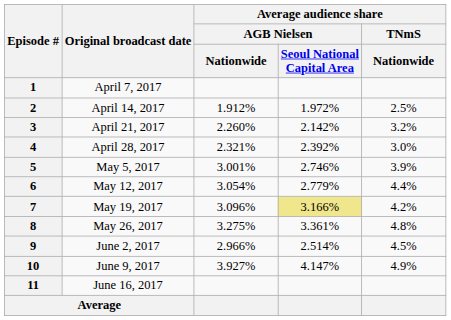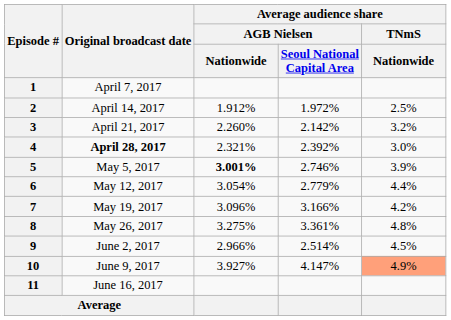 <table class=wikitable style="text-align:center">
 <tr>
 <th rowspan="3">Episode #</th>
 <th rowspan="3">Original broadcast date</th>
 <th colspan="4">Average audience share</th>
 </tr>
 <tr>
 <th colspan="2">AGB Nielsen</th>
 <th colspan="1">TNmS</th>
 </tr>
 <tr>
 <th width=100>Nationwide</th>
 <th width=100><a href='#'>Seoul National Capital Area</a></th>
 <th width=100>Nationwide</th>
 </tr>
 <tr>
 <th>1</th>
 <td>April 7, 2017</td>
 <td></td>
 <td></td>
 <td></td>
 </tr>
 <tr>
 <th>2</th>
 <td>April 14, 2017</td>
 <td>1.912%</td>
 <td>1.972%</td>
 <td>2.5%</td>
 </tr>
 <tr>
 <th>3</th>
 <td>April 21, 2017</td>
 <td>2.260%</td>
 <td>2.142%</td>
 <td>3.2%</td>
 </tr>
 <tr>
 <th>4</th>
-<td>April 28, 2017</td>
+<td><strong>April 28, 2017</strong></td>
 <td>2.321%</td>
 <td>2.392%</td>
 <td>3.0%</td>
 </tr>
 <tr>
 <th>5</th>
 <td>May 5, 2017</td>
-<td>3.001%</td>
+<td><strong>3.001%</strong></td>
 <td>2.746%</td>
 <td>3.9%</td>
 </tr>
 <tr>
 <th>6</th>
 <td>May 12, 2017</td>
 <td>3.054%</td>
 <td>2.779%</td>
 <td>4.4%</td>
 </tr>
 <tr>
 <th>7</th>
 <td>May 19, 2017</td>
 <td>3.096%</td>
-<td style="background: khaki;">3.166%</td>
+<td>3.166%</td>
 <td>4.2%</td>
 </tr>
 <tr>
 <th>8</th>
 <td>May 26, 2017</td>
 <td>3.275%</td>
 <td>3.361%</td>
 <td>4.8%</td>
 </tr>
 <tr>
 <th>9</th>
 <td>June 2, 2017</td>
 <td>2.966%</td>
 <td>2.514%</td>
 <td>4.5%</td>
 </tr>
 <tr>
 <th>10</th>
 <td>June 9, 2017</td>
 <td>3.927%</td>
 <td>4.147%</td>
-<td>4.9%</td>
+<td style="background: lightsalmon;">4.9%</td>
 </tr>
 <tr>
 <th>11</th>
 <td>June 16, 2017</td>
 <td></td>
 <td></td>
 <td></td>
 </tr>
 <tr>
 <th colspan="2">Average</th>
 <th></th>
 <th></th>
 <th></th>
 </tr>
 </table>
